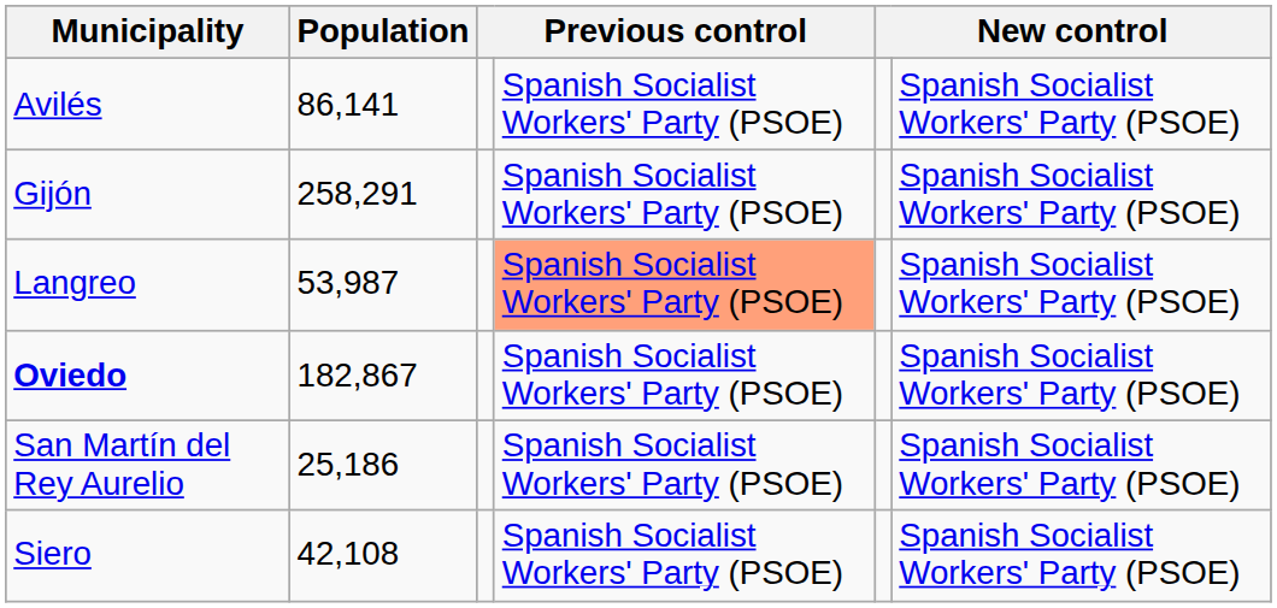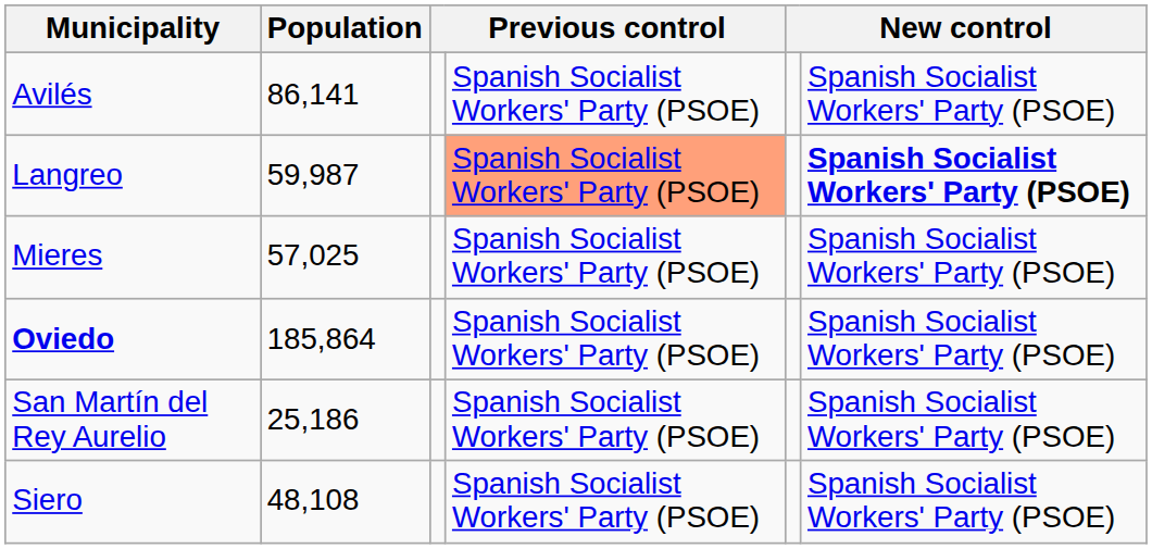 <table class="wikitable sortable">
 <tr>
 <th>Municipality</th>
 <th>Population</th>
 <th colspan="2" style="width:375px;">Previous control</th>
 <th colspan="2" style="width:375px;">New control</th>
 </tr>
 <tr>
 <td><a href='#'>Avilés</a></td>
 <td>86,141</td>
 <td width="1" style="color:inherit;background:"></td>
 <td><a href='#'>Spanish Socialist Workers' Party</a> (PSOE)</td>
 <td width="1" style="color:inherit;background:"></td>
 <td><a href='#'>Spanish Socialist Workers' Party</a> (PSOE)</td>
 </tr>
 <tr>
-<td><a href='#'>Gijón</a></td>
-<td>258,291</td>
+<td><a href='#'>Langreo</a></td>
+<td>59,987</td>
+<td style="color:inherit;background:"></td>
+<td style="background: lightsalmon;"><a href='#'>Spanish Socialist Workers' Party</a> (PSOE)</td>
+<td style="color:inherit;background:"></td>
+<td><strong><a href='#'>Spanish Socialist Workers' Party</a> (PSOE)</strong></td>
+</tr>
+<tr>
+<td><a href='#'>Mieres</a></td>
+<td>57,025</td>
 <td style="color:inherit;background:"></td>
 <td><a href='#'>Spanish Socialist Workers' Party</a> (PSOE)</td>
 <td style="color:inherit;background:"></td>
 <td><a href='#'>Spanish Socialist Workers' Party</a> (PSOE)</td>
 </tr>
 <tr>
-<td><a href='#'>Langreo</a></td>
-<td>53,987</td>
-<td style="color:inherit;background:"></td>
-<td style="background: lightsalmon;"><a href='#'>Spanish Socialist Workers' Party</a> (PSOE)</td>
-<td style="color:inherit;background:"></td>
-<td><a href='#'>Spanish Socialist Workers' Party</a> (PSOE)</td>
-</tr>
-<tr>
 <td><strong><a href='#'>Oviedo</a></strong></td>
-<td>182,867</td>
+<td>185,864</td>
 <td style="color:inherit;background:"></td>
 <td><a href='#'>Spanish Socialist Workers' Party</a> (PSOE)</td>
 <td style="color:inherit;background:"></td>
 <td><a href='#'>Spanish Socialist Workers' Party</a> (PSOE)</td>
 </tr>
 <tr>
 <td><a href='#'>San Martín del Rey Aurelio</a></td>
 <td>25,186</td>
 <td style="color:inherit;background:"></td>
 <td><a href='#'>Spanish Socialist Workers' Party</a> (PSOE)</td>
 <td style="color:inherit;background:"></td>
 <td><a href='#'>Spanish Socialist Workers' Party</a> (PSOE)</td>
 </tr>
 <tr>
 <td><a href='#'>Siero</a></td>
-<td>42,108</td>
+<td>48,108</td>
 <td style="color:inherit;background:"></td>
 <td><a href='#'>Spanish Socialist Workers' Party</a> (PSOE)</td>
 <td style="color:inherit;background:"></td>
 <td><a href='#'>Spanish Socialist Workers' Party</a> (PSOE)</td>
 </tr>
 </table>
